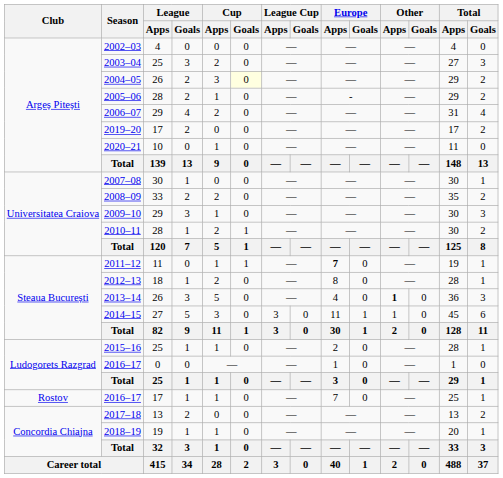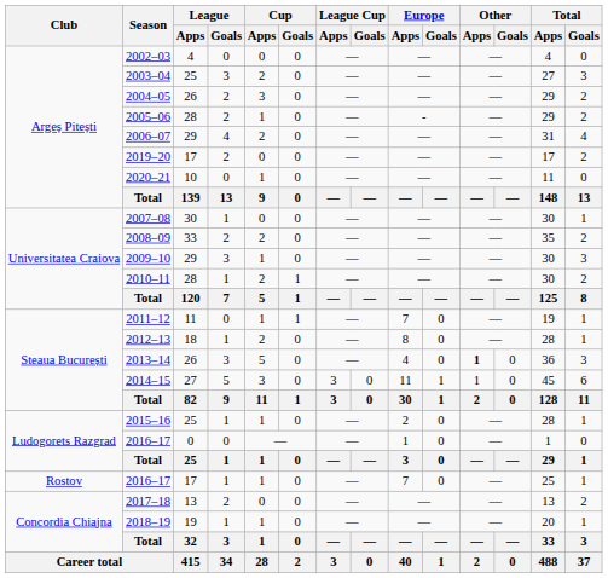 <table class="wikitable" style="font-size:100%; text-align: center;">
 <tr>
 <th rowspan="2">Club</th>
 <th rowspan="2">Season</th>
 <th colspan="2">League</th>
 <th colspan="2">Cup</th>
 <th colspan="2">League Cup</th>
 <th colspan="2"><a href='#'>Europe</a></th>
 <th colspan="2">Other</th>
 <th colspan="2">Total</th>
 </tr>
 <tr>
 <th>Apps</th>
 <th>Goals</th>
 <th>Apps</th>
 <th>Goals</th>
 <th>Apps</th>
 <th>Goals</th>
 <th>Apps</th>
 <th>Goals</th>
 <th>Apps</th>
 <th>Goals</th>
 <th>Apps</th>
 <th>Goals</th>
 </tr>
 <tr>
 <td rowspan="8"><a href='#'>Argeș Pitești</a></td>
 <td><a href='#'>2002–03</a></td>
 <td>4</td>
 <td>0</td>
 <td>0</td>
 <td>0</td>
 <td colspan="2">—</td>
 <td colspan="2">—</td>
 <td colspan="2">—</td>
 <td>4</td>
 <td>0</td>
 </tr>
 <tr>
 <td><a href='#'>2003–04</a></td>
 <td>25</td>
 <td>3</td>
 <td>2</td>
 <td>0</td>
 <td colspan="2">—</td>
 <td colspan="2">—</td>
 <td colspan="2">—</td>
 <td>27</td>
 <td>3</td>
 </tr>
 <tr>
 <td><a href='#'>2004–05</a></td>
 <td>26</td>
 <td>2</td>
 <td>3</td>
-<td style="background: lightyellow;">0</td>
+<td>0</td>
 <td colspan="2">—</td>
 <td colspan="2">—</td>
 <td colspan="2">—</td>
 <td>29</td>
 <td>2</td>
 </tr>
 <tr>
 <td><a href='#'>2005–06</a></td>
 <td>28</td>
 <td>2</td>
 <td>1</td>
 <td>0</td>
 <td colspan="2">—</td>
 <td colspan="2">-</td>
 <td colspan="2">—</td>
 <td>29</td>
 <td>2</td>
 </tr>
 <tr>
 <td><a href='#'>2006–07</a></td>
 <td>29</td>
 <td>4</td>
 <td>2</td>
 <td>0</td>
 <td colspan="2">—</td>
 <td colspan="2">—</td>
 <td colspan="2">—</td>
 <td>31</td>
 <td>4</td>
 </tr>
 <tr>
 <td><a href='#'>2019–20</a></td>
 <td>17</td>
 <td>2</td>
 <td>0</td>
 <td>0</td>
 <td colspan="2">—</td>
 <td colspan="2">—</td>
 <td colspan="2">—</td>
 <td>17</td>
 <td>2</td>
 </tr>
 <tr>
 <td><a href='#'>2020–21</a></td>
 <td>10</td>
 <td>0</td>
 <td>1</td>
 <td>0</td>
 <td colspan="2">—</td>
 <td colspan="2">—</td>
 <td colspan="2">—</td>
 <td>11</td>
 <td>0</td>
 </tr>
 <tr>
 <th colspan="1">Total</th>
 <th>139</th>
 <th>13</th>
 <th>9</th>
 <th>0</th>
 <th>—</th>
 <th>—</th>
 <th>—</th>
 <th>—</th>
 <th>—</th>
 <th>—</th>
 <th>148</th>
 <th>13</th>
 </tr>
 <tr>
 <td rowspan="5"><a href='#'>Universitatea Craiova</a></td>
 <td><a href='#'>2007–08</a></td>
 <td>30</td>
 <td>1</td>
 <td>0</td>
 <td>0</td>
 <td colspan="2">—</td>
 <td colspan="2">—</td>
 <td colspan="2">—</td>
 <td>30</td>
 <td>1</td>
 </tr>
 <tr>
 <td><a href='#'>2008–09</a></td>
 <td>33</td>
 <td>2</td>
 <td>2</td>
 <td>0</td>
 <td colspan="2">—</td>
 <td colspan="2">—</td>
 <td colspan="2">—</td>
 <td>35</td>
 <td>2</td>
 </tr>
 <tr>
 <td><a href='#'>2009–10</a></td>
 <td>29</td>
 <td>3</td>
 <td>1</td>
 <td>0</td>
 <td colspan="2">—</td>
 <td colspan="2">—</td>
 <td colspan="2">—</td>
 <td>30</td>
 <td>3</td>
 </tr>
 <tr>
 <td><a href='#'>2010–11</a></td>
 <td>28</td>
 <td>1</td>
 <td>2</td>
 <td>1</td>
 <td colspan="2">—</td>
 <td colspan="2">—</td>
 <td colspan="2">—</td>
 <td>30</td>
 <td>2</td>
 </tr>
 <tr>
 <th colspan="1">Total</th>
 <th>120</th>
 <th>7</th>
 <th>5</th>
 <th>1</th>
 <th>—</th>
 <th>—</th>
 <th>—</th>
 <th>—</th>
 <th>—</th>
 <th>—</th>
 <th>125</th>
 <th>8</th>
 </tr>
 <tr>
 <td rowspan="5"><a href='#'>Steaua București</a></td>
 <td><a href='#'>2011–12</a></td>
 <td>11</td>
 <td>0</td>
 <td>1</td>
 <td>1</td>
 <td colspan="2">—</td>
-<td><strong>7</strong></td>
+<td>7</td>
 <td>0</td>
 <td colspan="2">—</td>
 <td>19</td>
 <td>1</td>
 </tr>
 <tr>
 <td><a href='#'>2012–13</a></td>
 <td>18</td>
 <td>1</td>
 <td>2</td>
 <td>0</td>
 <td colspan="2">—</td>
 <td>8</td>
 <td>0</td>
 <td colspan="2">—</td>
 <td>28</td>
 <td>1</td>
 </tr>
 <tr>
 <td><a href='#'>2013–14</a></td>
 <td>26</td>
 <td>3</td>
 <td>5</td>
 <td>0</td>
 <td colspan="2">—</td>
 <td>4</td>
 <td>0</td>
 <td><strong>1</strong></td>
 <td>0</td>
 <td>36</td>
 <td>3</td>
 </tr>
 <tr>
 <td><a href='#'>2014–15</a></td>
 <td>27</td>
 <td>5</td>
 <td>3</td>
 <td>0</td>
 <td>3</td>
 <td>0</td>
 <td>11</td>
 <td>1</td>
 <td>1</td>
 <td>0</td>
 <td>45</td>
 <td>6</td>
 </tr>
 <tr>
 <th colspan="1">Total</th>
 <th>82</th>
 <th>9</th>
 <th>11</th>
 <th>1</th>
 <th>3</th>
 <th>0</th>
 <th>30</th>
 <th>1</th>
 <th>2</th>
 <th>0</th>
 <th>128</th>
 <th>11</th>
 </tr>
 <tr>
 <td rowspan="3"><a href='#'>Ludogorets Razgrad</a></td>
 <td><a href='#'>2015–16</a></td>
 <td>25</td>
 <td>1</td>
 <td>1</td>
 <td>0</td>
 <td colspan="2">—</td>
 <td>2</td>
 <td>0</td>
 <td colspan="2">—</td>
 <td>28</td>
 <td>1</td>
 </tr>
 <tr>
 <td><a href='#'>2016–17</a></td>
 <td>0</td>
 <td>0</td>
 <td colspan="2">—</td>
 <td colspan="2">—</td>
 <td>1</td>
 <td>0</td>
 <td colspan="2">—</td>
 <td>1</td>
 <td>0</td>
 </tr>
 <tr>
 <th colspan="1">Total</th>
 <th>25</th>
 <th>1</th>
 <th>1</th>
 <th>0</th>
 <th>—</th>
 <th>—</th>
 <th>3</th>
 <th>0</th>
 <th>—</th>
 <th>—</th>
 <th>29</th>
 <th>1</th>
 </tr>
 <tr>
 <td rowspan="1"><a href='#'>Rostov</a></td>
 <td><a href='#'>2016–17</a></td>
 <td>17</td>
 <td>1</td>
 <td>1</td>
 <td>0</td>
 <td colspan="2">—</td>
 <td>7</td>
 <td>0</td>
 <td colspan="2">—</td>
 <td>25</td>
 <td>1</td>
 </tr>
 <tr>
 <td rowspan="3"><a href='#'>Concordia Chiajna</a></td>
 <td><a href='#'>2017–18</a></td>
 <td>13</td>
 <td>2</td>
 <td>0</td>
 <td>0</td>
 <td colspan="2">—</td>
 <td colspan="2">—</td>
 <td colspan="2">—</td>
 <td>13</td>
 <td>2</td>
 </tr>
 <tr>
 <td><a href='#'>2018–19</a></td>
 <td>19</td>
 <td>1</td>
 <td>1</td>
 <td>0</td>
 <td colspan="2">—</td>
 <td colspan="2">—</td>
 <td colspan="2">—</td>
 <td>20</td>
 <td>1</td>
 </tr>
 <tr>
 <th colspan="1">Total</th>
 <th>32</th>
 <th>3</th>
 <th>1</th>
 <th>0</th>
 <th>—</th>
 <th>—</th>
 <th>—</th>
 <th>—</th>
 <th>—</th>
 <th>—</th>
 <th>33</th>
 <th>3</th>
 </tr>
 <tr>
 <th colspan="2">Career total</th>
 <th>415</th>
 <th>34</th>
 <th>28</th>
 <th>2</th>
 <th>3</th>
 <th>0</th>
 <th>40</th>
 <th>1</th>
 <th>2</th>
 <th>0</th>
 <th>488</th>
 <th>37</th>
 </tr>
 </table>
